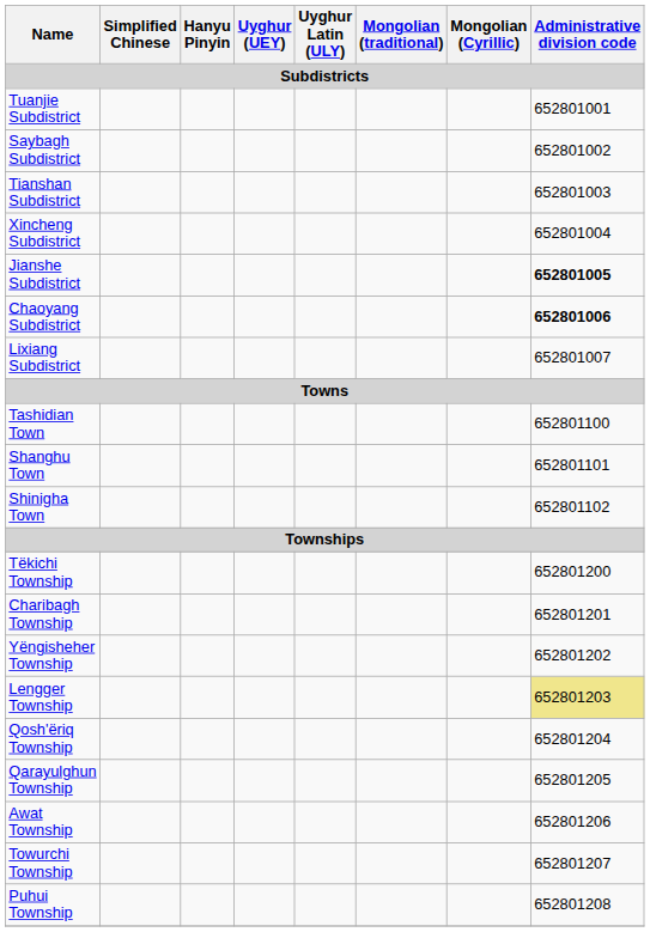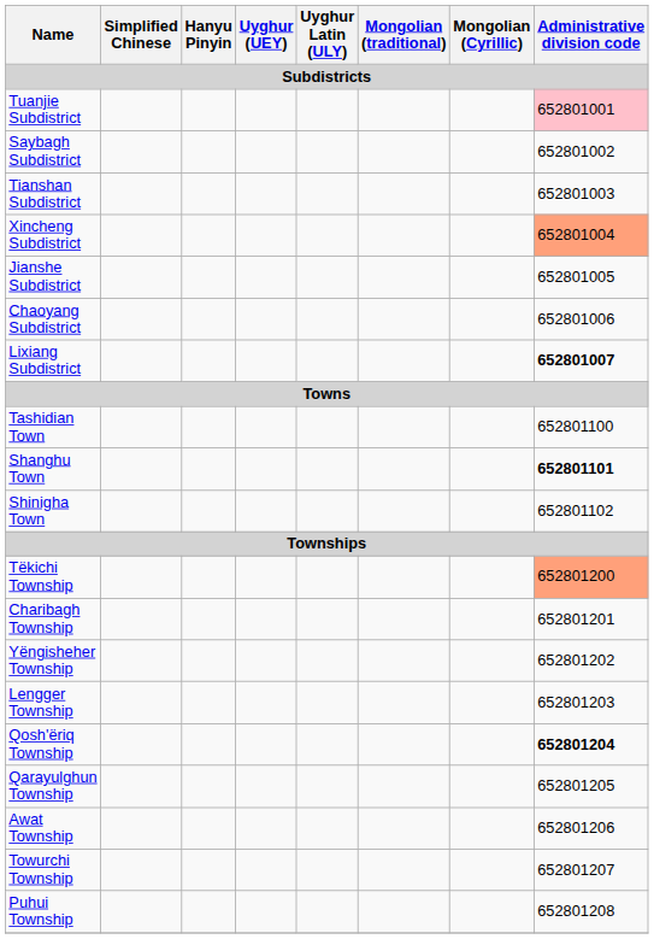 <table class="wikitable" align="center" style="width:50%; border="1">
 <tr>
 <th>Name</th>
 <th>Simplified Chinese</th>
 <th>Hanyu Pinyin</th>
 <th><a href='#'>Uyghur</a> (<a href='#'>UEY</a>)</th>
 <th>Uyghur Latin (<a href='#'>ULY</a>)</th>
 <th><a href='#'>Mongolian</a> (<a href='#'>traditional</a>)</th>
 <th>Mongolian (<a href='#'>Cyrillic</a>)</th>
 <th><a href='#'>Administrative division code</a></th>
 </tr>
 <tr>
 <td colspan="9"  style="text-align:center; background:#d3d3d3;"><strong>Subdistricts</strong></td>
 </tr>
 <tr --------->
 <td><a href='#'>Tuanjie Subdistrict</a></td>
 <td></td>
 <td></td>
 <td></td>
 <td></td>
 <td></td>
 <td></td>
-<td>652801001</td>
+<td style="background: pink;">652801001</td>
 </tr>
 <tr>
 <td><a href='#'>Saybagh Subdistrict</a></td>
 <td></td>
 <td></td>
 <td></td>
 <td></td>
 <td></td>
 <td></td>
 <td>652801002</td>
 </tr>
 <tr>
 <td><a href='#'>Tianshan Subdistrict</a></td>
 <td></td>
 <td></td>
 <td></td>
 <td></td>
 <td></td>
 <td></td>
 <td>652801003</td>
 </tr>
 <tr>
 <td><a href='#'>Xincheng Subdistrict</a></td>
 <td></td>
 <td></td>
 <td></td>
 <td></td>
 <td></td>
 <td></td>
-<td>652801004</td>
+<td style="background: lightsalmon;">652801004</td>
 </tr>
 <tr>
 <td><a href='#'>Jianshe Subdistrict</a></td>
 <td></td>
 <td></td>
 <td></td>
 <td></td>
 <td></td>
 <td></td>
-<td><strong>652801005</strong></td>
+<td>652801005</td>
 </tr>
 <tr>
 <td><a href='#'>Chaoyang Subdistrict</a></td>
 <td></td>
 <td></td>
 <td></td>
 <td></td>
 <td></td>
 <td></td>
-<td><strong>652801006</strong></td>
+<td>652801006</td>
 </tr>
 <tr>
 <td><a href='#'>Lixiang Subdistrict</a></td>
 <td></td>
 <td></td>
 <td></td>
 <td></td>
 <td></td>
 <td></td>
-<td>652801007</td>
+<td><strong>652801007</strong></td>
 </tr>
 <tr>
 <td colspan="9"  style="text-align:center; background:#d3d3d3;"><strong>Towns</strong></td>
 </tr>
 <tr --------->
 <td><a href='#'>Tashidian Town</a></td>
 <td></td>
 <td></td>
 <td></td>
 <td></td>
 <td></td>
 <td></td>
 <td>652801100</td>
 </tr>
 <tr>
 <td><a href='#'>Shanghu Town</a></td>
 <td></td>
 <td></td>
 <td></td>
 <td></td>
 <td></td>
 <td></td>
-<td>652801101</td>
+<td><strong>652801101</strong></td>
 </tr>
 <tr>
 <td><a href='#'>Shinigha Town</a></td>
 <td></td>
 <td></td>
 <td></td>
 <td></td>
 <td></td>
 <td></td>
 <td>652801102</td>
 </tr>
 <tr>
 <td colspan="9"  style="text-align:center; background:#d3d3d3;"><strong>Townships</strong></td>
 </tr>
 <tr --------->
 <td><a href='#'>Tëkichi Township</a></td>
 <td></td>
 <td></td>
 <td></td>
 <td></td>
 <td></td>
 <td></td>
-<td>652801200</td>
+<td style="background: lightsalmon;">652801200</td>
 </tr>
 <tr>
 <td><a href='#'>Charibagh Township</a></td>
 <td></td>
 <td></td>
 <td></td>
 <td></td>
 <td></td>
 <td></td>
 <td>652801201</td>
 </tr>
 <tr>
 <td><a href='#'>Yëngisheher Township</a></td>
 <td></td>
 <td></td>
 <td></td>
 <td></td>
 <td></td>
 <td></td>
 <td>652801202</td>
 </tr>
 <tr>
 <td><a href='#'>Lengger Township</a></td>
 <td></td>
 <td></td>
 <td></td>
 <td></td>
 <td></td>
 <td></td>
-<td style="background: khaki;">652801203</td>
+<td>652801203</td>
 </tr>
 <tr>
 <td><a href='#'>Qosh'ëriq Township</a></td>
 <td></td>
 <td></td>
 <td></td>
 <td></td>
 <td></td>
 <td></td>
-<td>652801204</td>
+<td><strong>652801204</strong></td>
 </tr>
 <tr>
 <td><a href='#'>Qarayulghun Township</a></td>
 <td></td>
 <td></td>
 <td></td>
 <td></td>
 <td></td>
 <td></td>
 <td>652801205</td>
 </tr>
 <tr>
 <td><a href='#'>Awat Township</a></td>
 <td></td>
 <td></td>
 <td></td>
 <td></td>
 <td></td>
 <td></td>
 <td>652801206</td>
 </tr>
 <tr>
 <td><a href='#'>Towurchi Township</a></td>
 <td></td>
 <td></td>
 <td></td>
 <td></td>
 <td></td>
 <td></td>
 <td>652801207</td>
 </tr>
 <tr>
 <td><a href='#'>Puhui Township</a></td>
 <td></td>
 <td></td>
 <td></td>
 <td></td>
 <td></td>
 <td></td>
 <td>652801208</td>
 </tr>
 <tr>
 </tr>
 </table>
